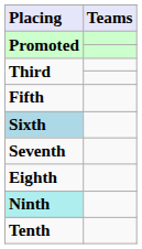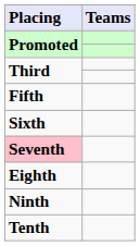 <table class=wikitable>
 <tr>
 </tr>
 <tr style="background: #E6E6FA;">
 <td><strong>Placing</strong></td>
 <td colspan="2" style="text-align:center"><strong>Teams</strong></td>
 </tr>
 <tr style="background: #ccffcc;">
 <td rowspan="2"><strong>Promoted</strong></td>
 <td><strong></strong></td>
 </tr>
 <tr style="background: #ccffcc;">
 <td><strong></strong></td>
 </tr>
 <tr>
 <td rowspan="2"><strong>Third</strong></td>
 <td></td>
 </tr>
 <tr>
 <td></td>
 </tr>
 <tr>
 <td><strong>Fifth</strong></td>
 <td></td>
 </tr>
 <tr>
-<td style="background: lightblue;"><strong>Sixth</strong></td>
+<td><strong>Sixth</strong></td>
 <td></td>
 </tr>
 <tr>
-<td><strong>Seventh</strong></td>
+<td style="background: pink;"><strong>Seventh</strong></td>
 <td></td>
 </tr>
 <tr>
 <td><strong>Eighth</strong></td>
 <td></td>
 </tr>
 <tr>
-<td style="background: paleturquoise;"><strong>Ninth</strong></td>
+<td><strong>Ninth</strong></td>
 <td></td>
 </tr>
 <tr>
 <td><strong>Tenth</strong></td>
 <td></td>
 </tr>
 </table>
